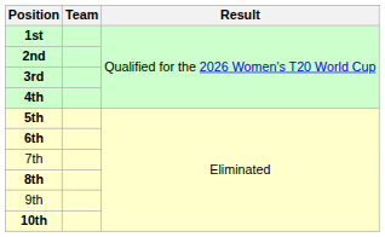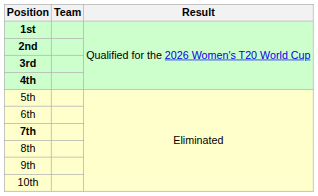 <table class="wikitable">
 <tr>
 <th>Position</th>
 <th>Team</th>
 <th>Result</th>
 </tr>
 <tr style="background:#cfc">
 <td style="text-align:center"><strong>1st</strong></td>
 <td></td>
 <td rowspan="4" style="text-align:center">Qualified for the <a href='#'>2026 Women's T20 World Cup</a></td>
 </tr>
 <tr style="background:#cfc">
 <td style="text-align:center"><strong>2nd</strong></td>
 <td></td>
 </tr>
 <tr style="background:#cfc">
 <td style="text-align:center"><strong>3rd</strong></td>
 <td></td>
 </tr>
 <tr style="background:#cfc">
 <td style="text-align:center"><strong>4th</strong></td>
 <td></td>
 </tr>
 <tr style="background:#ffc">
-<td style="text-align:center"><strong>5th</strong></td>
+<td style="text-align:center">5th</td>
 <td></td>
 <td rowspan="6" style="text-align:center">Eliminated</td>
 </tr>
 <tr style="background:#ffc">
-<td style="text-align:center"><strong>6th</strong></td>
+<td style="text-align:center">6th</td>
 <td></td>
 </tr>
 <tr style="background:#ffc">
-<td style="text-align:center">7th</td>
+<td style="text-align:center"><strong>7th</strong></td>
 <td></td>
 </tr>
 <tr style="background:#ffc">
-<td style="text-align:center"><strong>8th</strong></td>
+<td style="text-align:center">8th</td>
 <td></td>
 </tr>
 <tr style="background:#ffc">
 <td style="text-align:center">9th</td>
 <td></td>
 </tr>
 <tr style="background:#ffc">
-<td style="text-align:center"><strong>10th</strong></td>
+<td style="text-align:center">10th</td>
 <td></td>
 </tr>
 </table>
